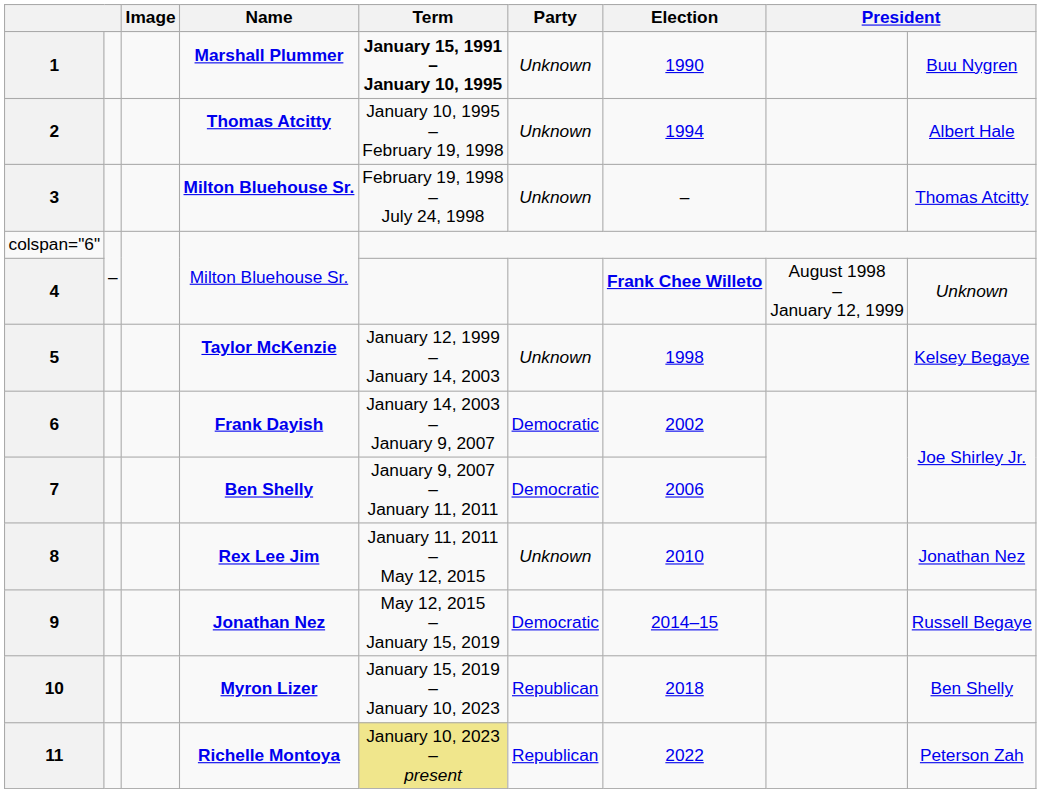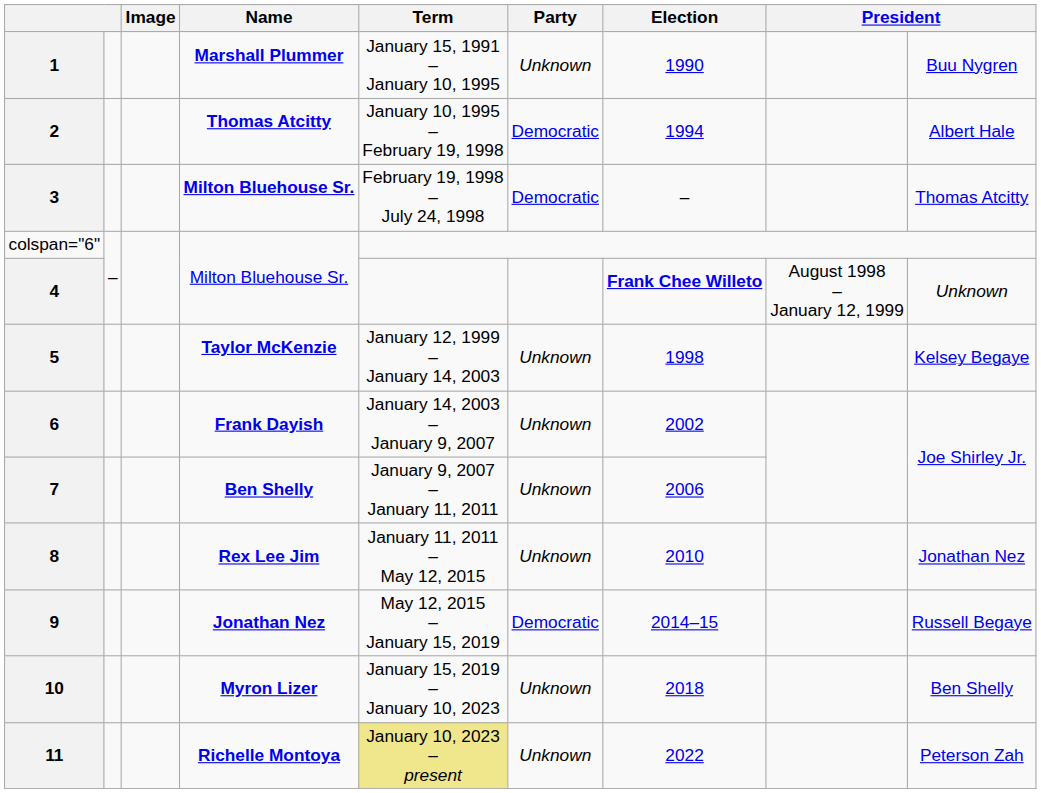 <table class="wikitable" style="text-align:center;">
 <tr>
 <th colspan="2"></th>
 <th scope="col">Image</th>
 <th scope="col">Name</th>
 <th scope="col">Term</th>
 <th scope="col">Party</th>
 <th scope="col">Election</th>
 <th colspan="2"><a href='#'>President</a></th>
 </tr>
 <tr>
 <th scope="row">1</th>
 <td> </td>
 <td></td>
 <td><strong><a href='#'>Marshall Plummer</a></strong><br><br></td>
-<td><strong>January 15, 1991<br>–<br>January 10, 1995</strong></td>
+<td>January 15, 1991<br>–<br>January 10, 1995</td>
 <td><em>Unknown</em></td>
 <td><a href='#'>1990</a></td>
 <td style="background-color:"> </td>
 <td><a href='#'>Buu Nygren</a></td>
 </tr>
 <tr>
 <th scope="row">2</th>
 <td style="background-color:"> </td>
 <td></td>
 <td><strong><a href='#'>Thomas Atcitty</a></strong><br><br></td>
 <td>January 10, 1995<br>–<br>February 19, 1998</td>
-<td><em>Unknown</em></td>
+<td><a href='#'>Democratic</a></td>
 <td><a href='#'>1994</a></td>
 <td style="background-color:"> </td>
 <td><a href='#'>Albert Hale</a></td>
 </tr>
 <tr>
 <th scope="row">3</th>
 <td> </td>
 <td></td>
 <td><strong><a href='#'>Milton Bluehouse Sr.</a></strong><br><br></td>
 <td>February 19, 1998<br>–<br>July 24, 1998</td>
-<td><em>Unknown</em></td>
+<td><a href='#'>Democratic</a></td>
 <td>–</td>
 <td style="background-color:"> </td>
 <td><a href='#'>Thomas Atcitty</a></td>
 </tr>
 <tr>
 <td>colspan="6" </td>
 <td rowspan="2">–</td>
 <td rowspan="2"> </td>
 <td rowspan="2"><a href='#'>Milton Bluehouse Sr.</a></td>
 </tr>
 <tr>
 <th scope="row">4</th>
 <td> </td>
 <td></td>
 <td><strong><a href='#'>Frank Chee Willeto</a></strong><br><br></td>
 <td>August 1998<br>–<br>January 12, 1999</td>
 <td><em>Unknown</em></td>
 </tr>
 <tr>
 <th scope="row">5</th>
 <td> </td>
 <td></td>
 <td><strong><a href='#'>Taylor McKenzie</a></strong><br><br></td>
 <td>January 12, 1999<br>–<br>January 14, 2003</td>
 <td><em>Unknown</em></td>
 <td><a href='#'>1998</a></td>
 <td style="background-color:"> </td>
 <td><a href='#'>Kelsey Begaye</a></td>
 </tr>
 <tr>
 <th scope="row">6</th>
 <td> </td>
 <td></td>
 <td><strong><a href='#'>Frank Dayish</a></strong><br></td>
 <td>January 14, 2003<br>–<br>January 9, 2007</td>
-<td><a href='#'>Democratic</a></td>
+<td><em>Unknown</em></td>
 <td><a href='#'>2002</a></td>
 <td rowspan="2" style="background-color:"> </td>
 <td rowspan="2"><a href='#'>Joe Shirley Jr.</a></td>
 </tr>
 <tr>
 <th scope="row">7</th>
 <td style="background-color:"> </td>
 <td></td>
 <td><strong><a href='#'>Ben Shelly</a></strong><br></td>
 <td>January 9, 2007<br>–<br>January 11, 2011</td>
-<td><a href='#'>Democratic</a></td>
+<td><em>Unknown</em></td>
 <td><a href='#'>2006</a></td>
 </tr>
 <tr>
 <th scope="row">8</th>
 <td> </td>
 <td></td>
 <td><strong><a href='#'>Rex Lee Jim</a></strong><br></td>
 <td>January 11, 2011<br>–<br>May 12, 2015</td>
 <td><em>Unknown</em></td>
 <td><a href='#'>2010</a></td>
 <td style="background-color:"> </td>
 <td><a href='#'>Jonathan Nez</a></td>
 </tr>
 <tr>
 <th scope="row">9</th>
 <td style="background-color:"> </td>
 <td></td>
 <td><strong><a href='#'>Jonathan Nez</a></strong><br></td>
 <td>May 12, 2015<br>–<br>January 15, 2019</td>
 <td><a href='#'>Democratic</a></td>
 <td><a href='#'>2014–15</a></td>
 <td style="background-color:"> </td>
 <td><a href='#'>Russell Begaye</a></td>
 </tr>
 <tr>
 <th scope="row">10</th>
 <td style="background-color:"> </td>
 <td></td>
 <td><strong><a href='#'>Myron Lizer</a></strong><br></td>
 <td>January 15, 2019<br>–<br>January 10, 2023</td>
-<td><a href='#'>Republican</a></td>
+<td><em>Unknown</em></td>
 <td><a href='#'>2018</a></td>
 <td style="background-color:"> </td>
 <td><a href='#'>Ben Shelly</a></td>
 </tr>
 <tr>
 <th>11</th>
 <td> </td>
 <td></td>
 <td><strong><a href='#'>Richelle Montoya</a></strong><br></td>
 <td style="background: khaki;">January 10, 2023<br>–<br><em>present</em></td>
-<td><a href='#'>Republican</a></td>
+<td><em>Unknown</em></td>
 <td><a href='#'>2022</a></td>
 <td style="background-color:"> </td>
 <td><a href='#'>Peterson Zah</a></td>
 </tr>
 </table>
